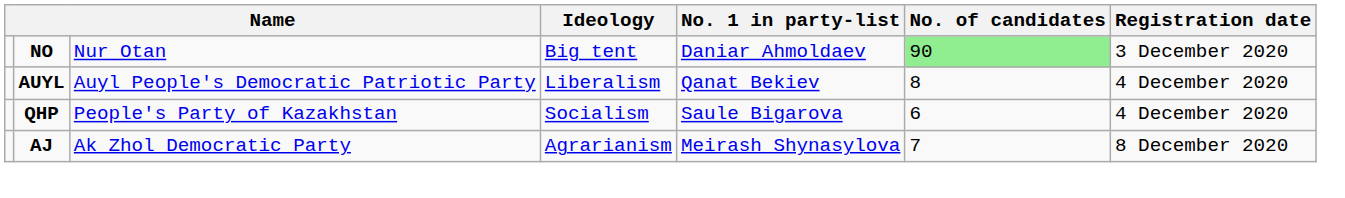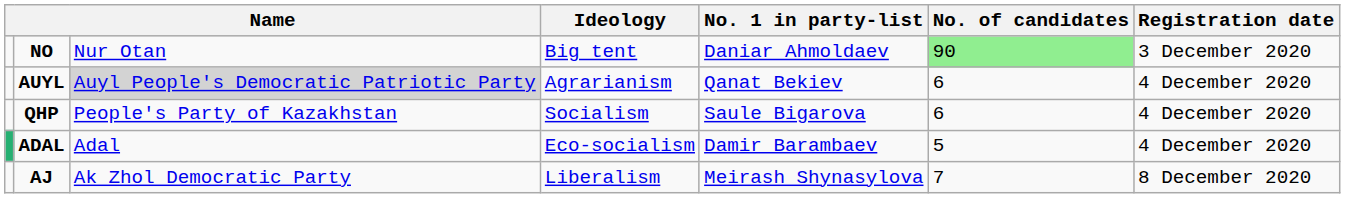 <table class="wikitable">
 <tr>
 <th colspan="3">Name</th>
 <th>Ideology</th>
 <th>No. 1 in party-list</th>
 <th>No. of candidates</th>
 <th>Registration date</th>
 </tr>
 <tr>
 <td></td>
 <td align="center"><strong>NO</strong></td>
 <td><a href='#'>Nur Otan</a></td>
 <td><a href='#'>Big tent</a></td>
 <td><a href='#'>Daniar Ahmoldaev</a></td>
 <td style="background: lightgreen;">90</td>
 <td>3 December 2020</td>
 </tr>
 <tr>
 <td></td>
 <td align="center"><strong>AUYL</strong></td>
-<td><a href='#'>Auyl People's Democratic Patriotic Party</a></td>
-<td><a href='#'>Liberalism</a></td>
+<td style="background: lightgrey;"><a href='#'>Auyl People's Democratic Patriotic Party</a></td>
+<td><a href='#'>Agrarianism</a></td>
 <td><a href='#'>Qanat Bekiev</a></td>
-<td>8</td>
+<td>6</td>
 <td>4 December 2020</td>
 </tr>
 <tr>
 <td></td>
 <td align="center"><strong>QHP</strong></td>
 <td><a href='#'>People's Party of Kazakhstan</a></td>
 <td><a href='#'>Socialism</a></td>
 <td><a href='#'>Saule Bigarova</a></td>
 <td>6</td>
 <td>4 December 2020</td>
 </tr>
 <tr>
+<td bgcolor="#25B072"></td>
+<td align="center"><strong>ADAL</strong></td>
+<td><a href='#'>Adal</a></td>
+<td><a href='#'>Eco-socialism</a></td>
+<td><a href='#'>Damir Barambaev</a></td>
+<td>5</td>
+<td>4 December 2020</td>
+</tr>
+<tr>
 <td></td>
 <td align="center"><strong>AJ</strong></td>
 <td><a href='#'>Ak Zhol Democratic Party</a></td>
-<td><a href='#'>Agrarianism</a></td>
+<td><a href='#'>Liberalism</a></td>
 <td><a href='#'>Meirash Shynasylova</a></td>
 <td>7</td>
 <td>8 December 2020</td>
 </tr>
 </table>
